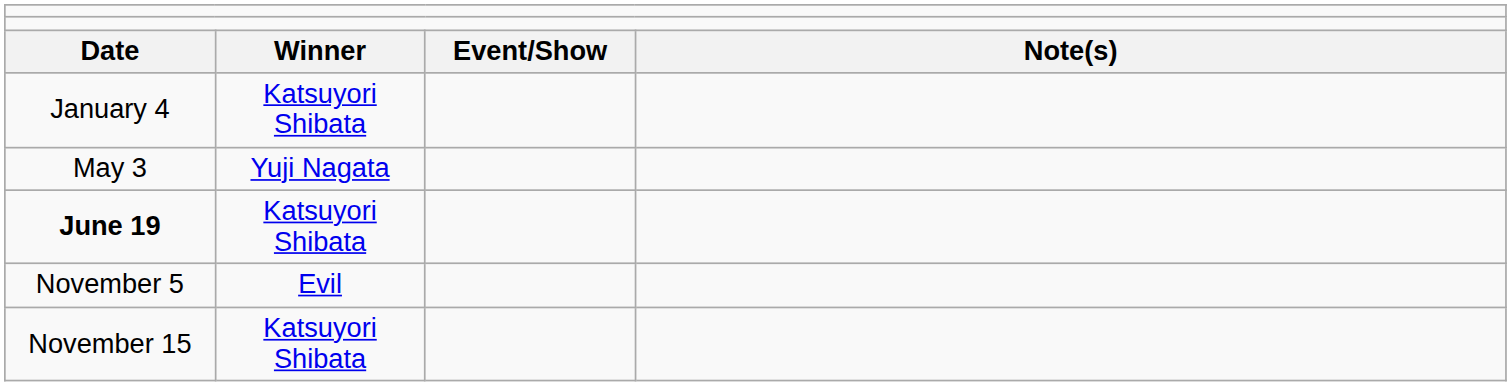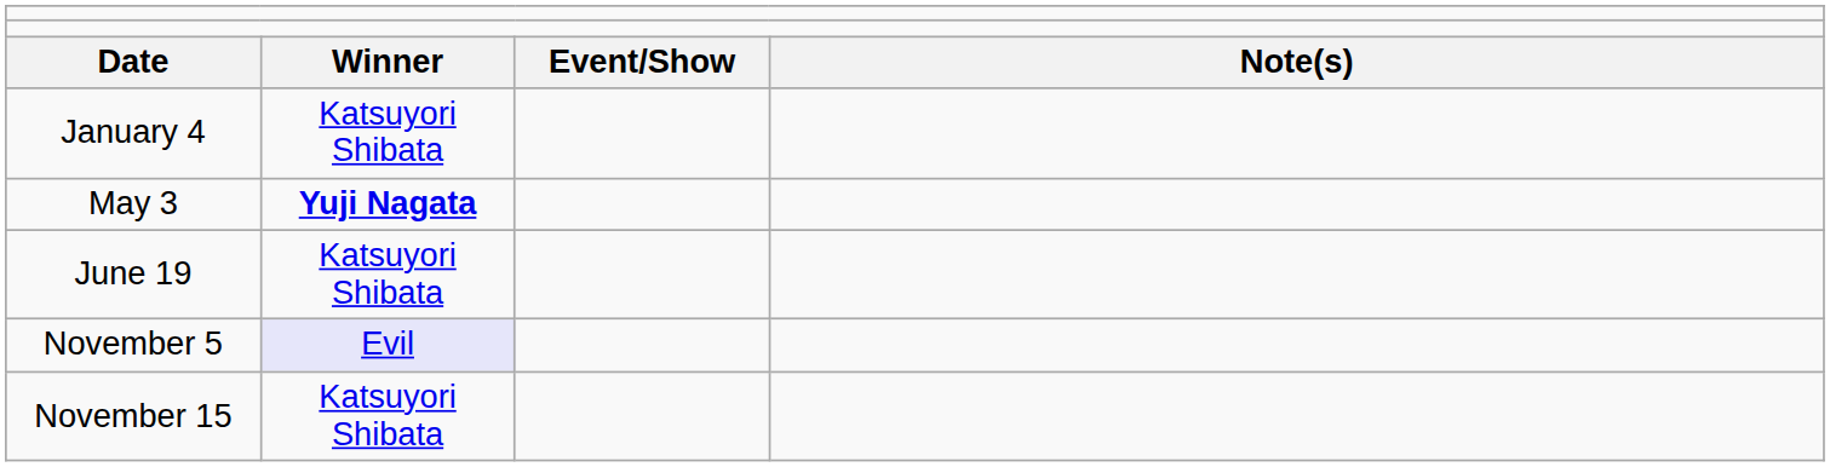 <table class="wikitable" style="text-align:center; width:100%;">
 <tr>
 <td colspan="5"></td>
 </tr>
 <tr>
 <td colspan="5"><strong></strong></td>
 </tr>
 <tr>
 <th width=14%>Date</th>
 <th width=14%>Winner</th>
 <th width=14%>Event/Show</th>
 <th width=58%>Note(s)</th>
 </tr>
 <tr>
 <td>January 4</td>
 <td><a href='#'>Katsuyori Shibata</a></td>
 <td></td>
 <td align=left></td>
 </tr>
 <tr>
 <td>May 3</td>
-<td><a href='#'>Yuji Nagata</a></td>
+<td><strong><a href='#'>Yuji Nagata</a></strong></td>
 <td></td>
 <td align=left></td>
 </tr>
 <tr>
-<td><strong>June 19</strong></td>
+<td>June 19</td>
 <td><a href='#'>Katsuyori Shibata</a></td>
 <td></td>
 <td align=left></td>
 </tr>
 <tr>
 <td>November 5</td>
-<td><a href='#'>Evil</a></td>
+<td style="background: lavender;"><a href='#'>Evil</a></td>
 <td></td>
 <td align=left></td>
 </tr>
 <tr>
 <td>November 15</td>
 <td><a href='#'>Katsuyori Shibata</a></td>
 <td></td>
 <td align=left></td>
 </tr>
 </table>
